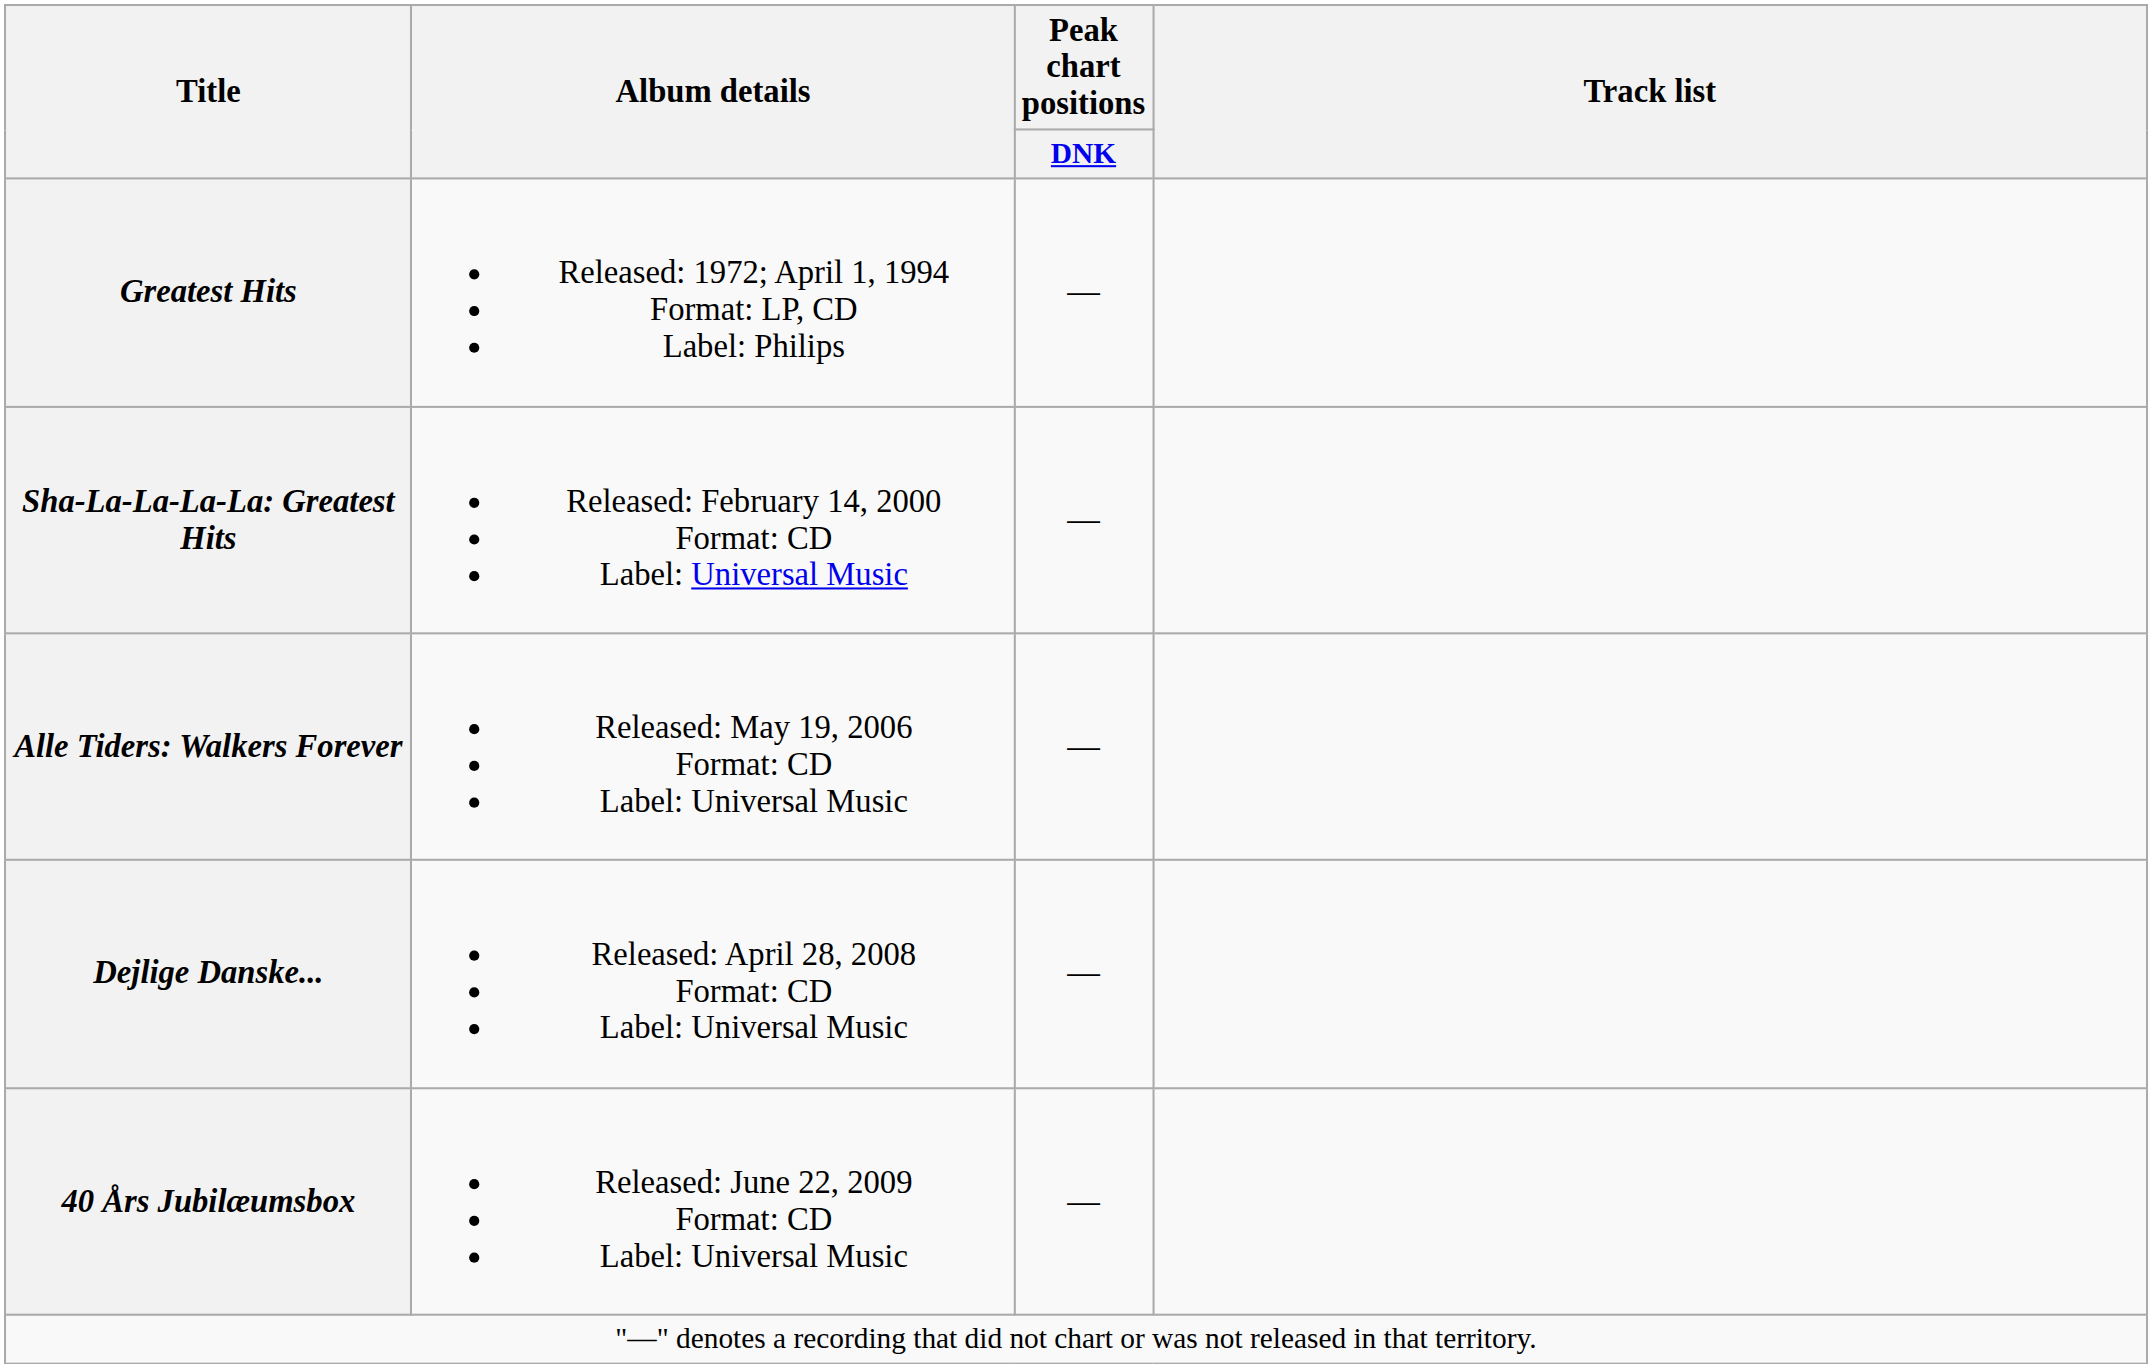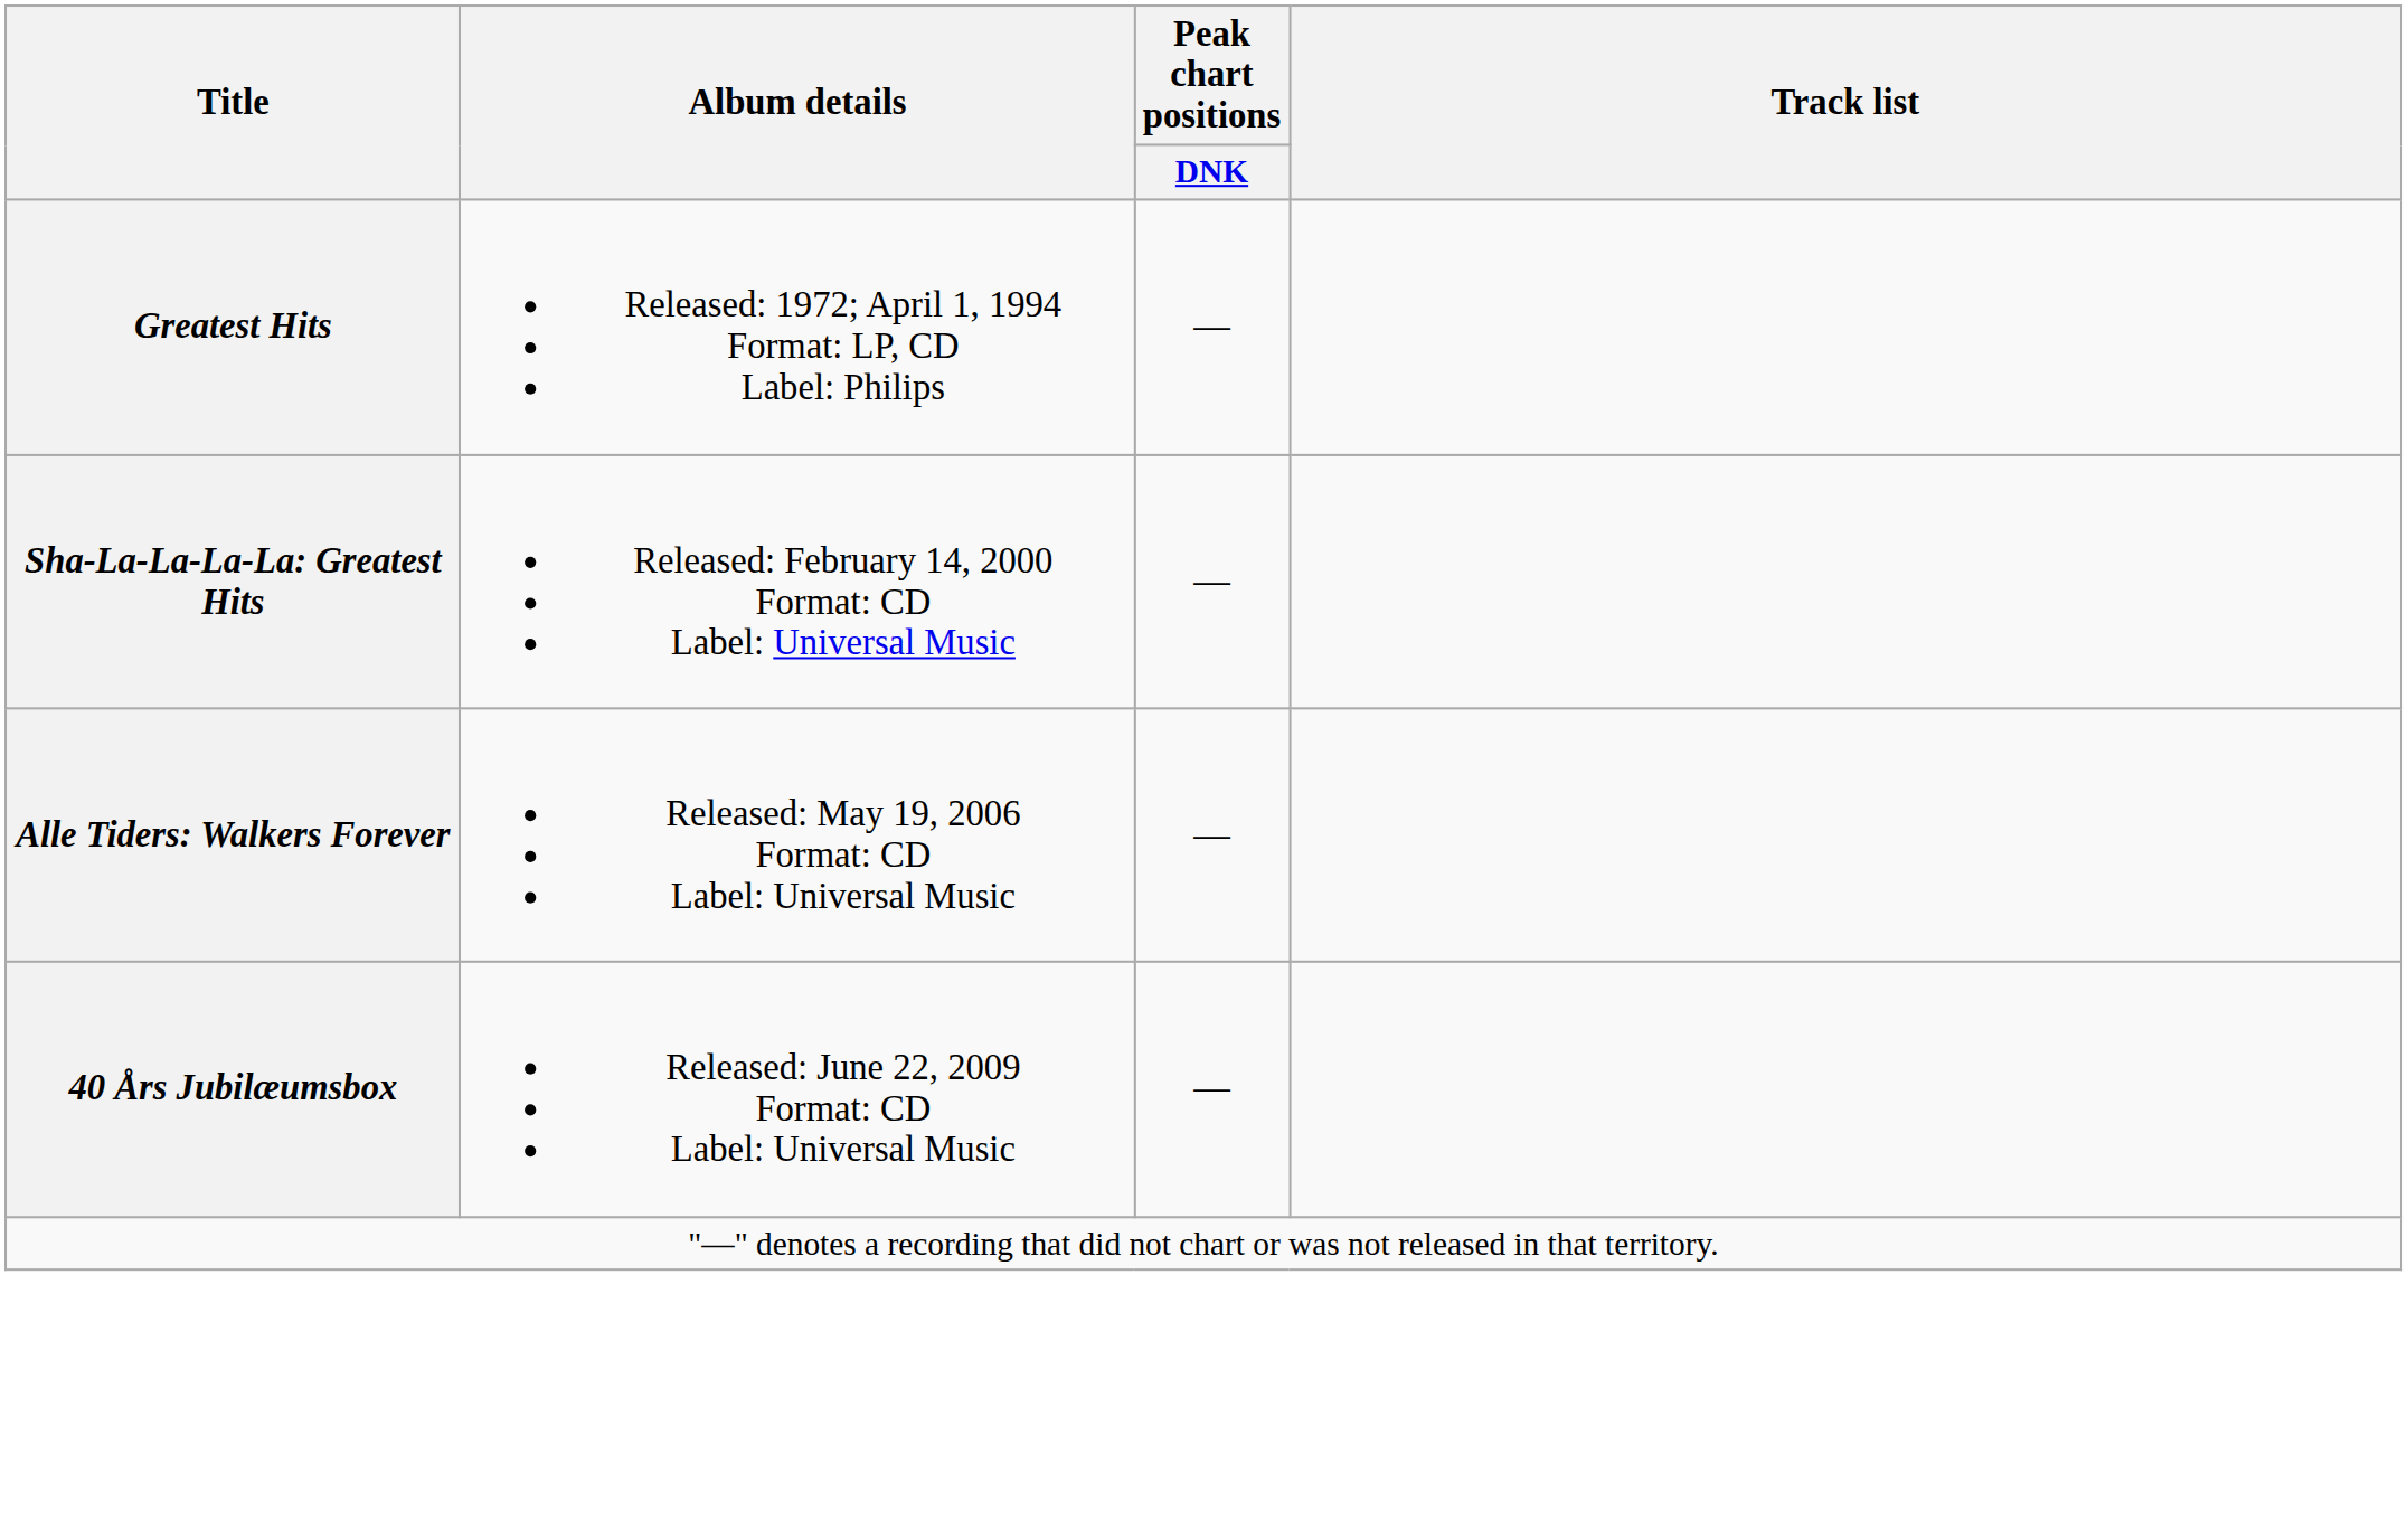 <table class="wikitable plainrowheaders" style="text-align:center;">
 <tr>
 <th scope="col" rowspan="2" style="width:12em;">Title</th>
 <th scope="col" rowspan="2" style="width:18em;">Album details</th>
 <th scope="col" colspan="1">Peak chart positions</th>
 <th scope="col" rowspan="2" style="width:30em;">Track list</th>
 </tr>
 <tr>
 <th scope="col" style="width:2.5em;font-size:90%;"><a href='#'>DNK</a></th>
 </tr>
 <tr>
 <th scope="row"><em>Greatest Hits</em></th>
 <td><br><ul><li>Released: 1972; April 1, 1994</li><li>Format: LP, CD</li><li>Label: Philips</li></ul></td>
 <td>—</td>
 <td><br>  </td>
 </tr>
 <tr>
 <th scope="row"><em>Sha-La-La-La-La: Greatest Hits</em></th>
 <td><br><ul><li>Released: February 14, 2000</li><li>Format: CD</li><li>Label: <a href='#'>Universal Music</a></li></ul></td>
 <td>—</td>
 <td><br> </td>
 </tr>
 <tr>
 <th scope="row"><em>Alle Tiders: Walkers Forever</em></th>
 <td><br><ul><li>Released: May 19, 2006</li><li>Format: CD</li><li>Label: Universal Music</li></ul></td>
 <td>—</td>
 <td><br></td>
 </tr>
 <tr>
-<th scope="row"><em>Dejlige Danske...</em></th>
-<td><br><ul><li>Released: April 28, 2008</li><li>Format: CD</li><li>Label: Universal Music</li></ul></td>
-<td>—</td>
-<td><br> </td>
-</tr>
-<tr>
 <th scope="row"><em>40 Års Jubilæumsbox</em></th>
 <td><br><ul><li>Released: June 22, 2009</li><li>Format: CD</li><li>Label: Universal Music</li></ul></td>
 <td>—</td>
 <td><br>   </td>
 </tr>
 <tr>
 <td colspan="4" style="font-size:90%">"—" denotes a recording that did not chart or was not released in that territory.</td>
 </tr>
 </table>
